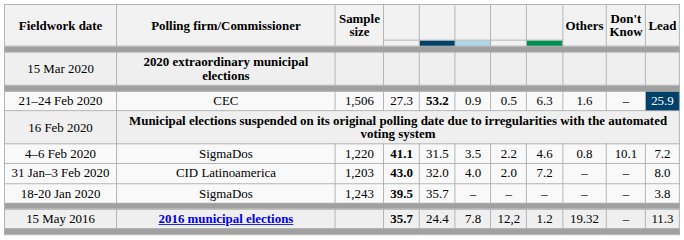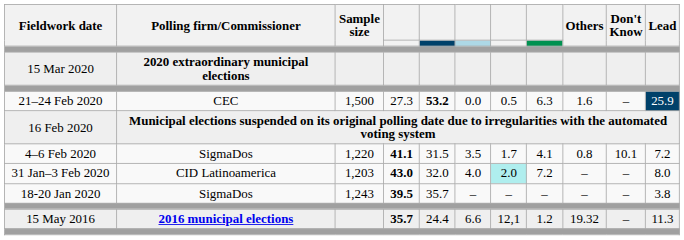 <table class="wikitable collapsible" style="text-align:center; font-size:95%; line-height:16px;">
 <tr style="height:42px;">
 <th style="width:125px;" rowspan="2">Fieldwork date</th>
 <th style="width:250px;" rowspan="2">Polling firm/Commissioner</th>
 <th style="width:50px;" rowspan="2">Sample size</th>
 <th style="width:35px;"></th>
 <th style="width:35px;"></th>
 <th style="width:35px;"></th>
 <th style="width:35px;"></th>
 <th style="width:35px;"></th>
 <th style="width:35px;" rowspan="2">Others</th>
 <th style="width:35px;" rowspan="2">Don't Know</th>
 <th style="width:30px;" rowspan="2">Lead</th>
 </tr>
 <tr>
 <th style="color:inherit;background:"></th>
 <th style="color:inherit;background:#00416A;"></th>
 <th style="color:inherit;background:#ADD8E6;"></th>
 <th style="color:inherit;background:"></th>
 <th style="color:inherit;background:#009150;"></th>
 </tr>
 <tr>
 <td colspan="11" style="background:#A0A0A0"></td>
 </tr>
 <tr style="background:#EFEFEF;">
 <td>15 Mar 2020</td>
 <td><strong>2020 extraordinary municipal elections</strong></td>
 <td></td>
 <td></td>
 <td></td>
 <td></td>
 <td></td>
 <td></td>
 <td></td>
 <td></td>
 <td></td>
 </tr>
 <tr>
 <td colspan="11" style="background:#A0A0A0"></td>
 </tr>
 <tr>
 <td>21–24 Feb 2020</td>
 <td>CEC</td>
-<td>1,506</td>
+<td>1,500</td>
 <td>27.3</td>
 <td><strong>53.2</strong></td>
-<td>0.9</td>
+<td>0.0</td>
 <td>0.5</td>
 <td>6.3</td>
 <td>1.6</td>
 <td>–</td>
 <td style="background:#00416A; color:white;">25.9</td>
 </tr>
 <tr style="background:#EFEFEF;">
 <td>16 Feb 2020</td>
 <td colspan="10"><strong>Municipal elections suspended on its original polling date due to irregularities with the automated voting system</strong></td>
 </tr>
 <tr>
 <td>4–6 Feb 2020</td>
 <td>SigmaDos</td>
 <td>1,220</td>
 <td><strong>41.1</strong></td>
 <td>31.5</td>
 <td>3.5</td>
-<td>2.2</td>
-<td>4.6</td>
+<td>1.7</td>
+<td>4.1</td>
 <td>0.8</td>
 <td>10.1</td>
 <td style="background:">7.2</td>
 </tr>
 <tr>
 <td>31 Jan–3 Feb 2020</td>
 <td>CID Latinoamerica</td>
 <td>1,203</td>
 <td><strong>43.0</strong></td>
 <td>32.0</td>
 <td>4.0</td>
-<td>2.0</td>
+<td style="background: paleturquoise;">2.0</td>
 <td>7.2</td>
 <td>–</td>
 <td>–</td>
 <td style="background:">8.0</td>
 </tr>
 <tr>
 <td>18-20 Jan 2020</td>
 <td>SigmaDos</td>
 <td>1,243</td>
 <td><strong>39.5</strong></td>
 <td>35.7</td>
 <td>–</td>
 <td>–</td>
 <td>–</td>
 <td>–</td>
 <td>–</td>
 <td style="background:">3.8</td>
 </tr>
 <tr>
 <td colspan="18" style="background:#A0A0A0"></td>
 </tr>
 <tr style="background:#EFEFEF;">
 <td>15 May 2016</td>
 <td><strong><a href='#'>2016 municipal elections</a></strong></td>
 <td></td>
 <td><strong>35.7</strong></td>
 <td>24.4</td>
-<td>7.8</td>
-<td>12,2</td>
+<td>6.6</td>
+<td>12,1</td>
 <td>1.2</td>
 <td>19.32</td>
 <td>–</td>
 <td style="background:">11.3</td>
 </tr>
 <tr>
 <td colspan="18" style="background:#A0A0A0"></td>
 </tr>
 </table>
